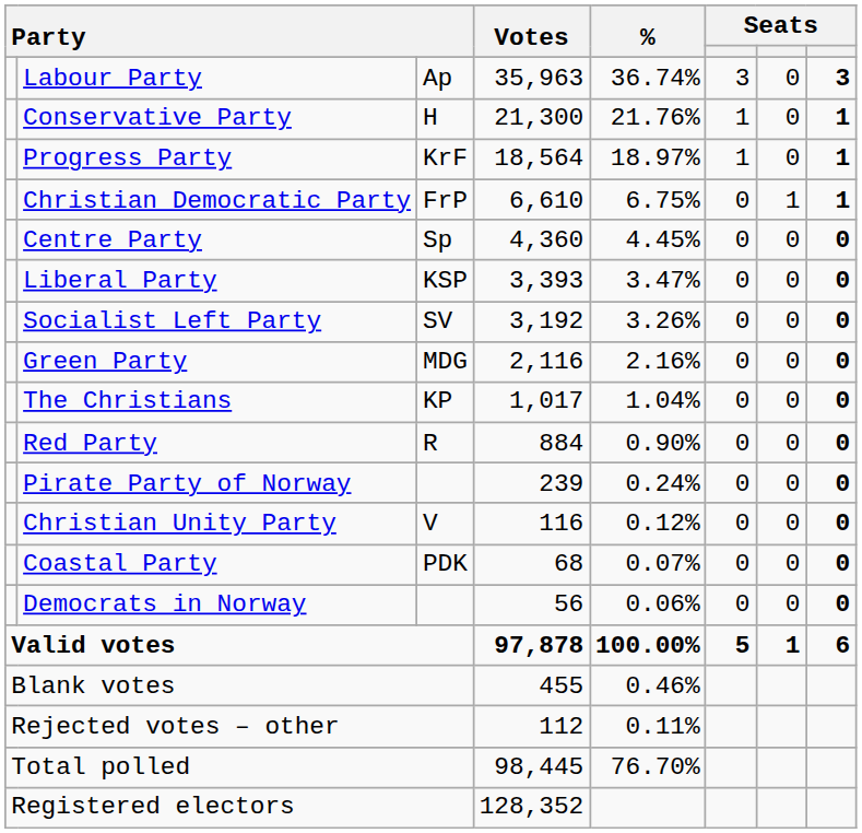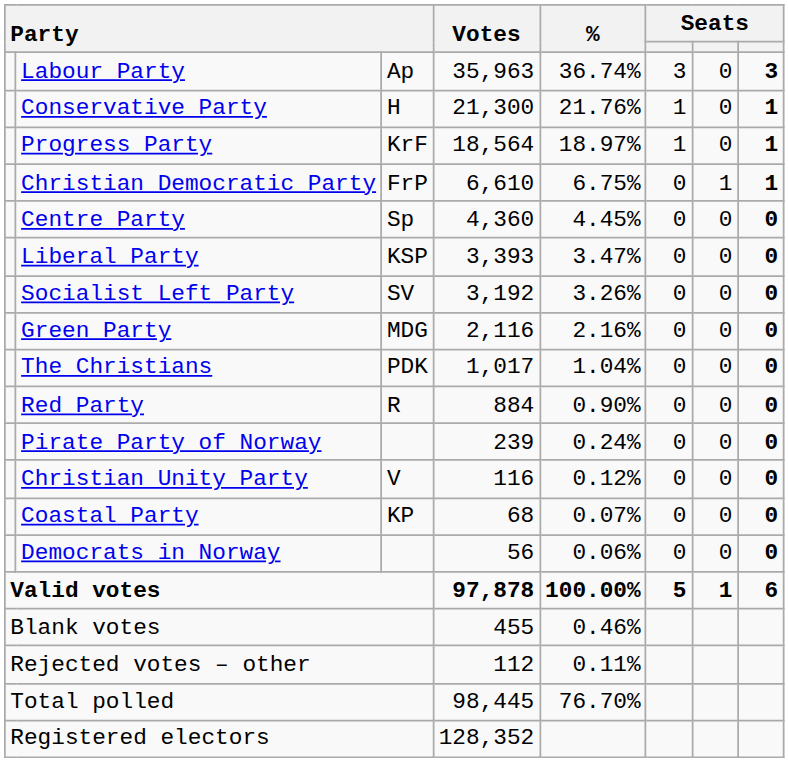 <table class="wikitable" border="1" style="text-align:right;">
 <tr>
 <th style="text-align:left;" valign=bottom rowspan=2 colspan=3>Party</th>
 <th align=center valign=bottom rowspan=2 width="50">Votes</th>
 <th align=center valign=bottom rowspan=2 width="50">%</th>
 <th colspan=3>Seats</th>
 </tr>
 <tr>
 <th align=center valign=bottom width="20"><small></small></th>
 <th align=center valign=bottom width="20"><small><a href='#'></a></small></th>
 <th align=center valign=bottom width="20"><small></small></th>
 </tr>
 <tr>
 <td style="color:inherit;background:"></td>
 <td align=left><a href='#'>Labour Party</a></td>
 <td align=left>Ap</td>
 <td>35,963</td>
 <td>36.74%</td>
 <td>3</td>
 <td>0</td>
 <td><strong>3</strong></td>
 </tr>
 <tr>
 <td style="color:inherit;background:"></td>
 <td align=left><a href='#'>Conservative Party</a></td>
 <td align=left>H</td>
 <td>21,300</td>
 <td>21.76%</td>
 <td>1</td>
 <td>0</td>
 <td><strong>1</strong></td>
 </tr>
 <tr>
 <td style="color:inherit;background:"></td>
 <td align=left><a href='#'>Progress Party</a></td>
 <td align=left>KrF</td>
 <td>18,564</td>
 <td>18.97%</td>
 <td>1</td>
 <td>0</td>
 <td><strong>1</strong></td>
 </tr>
 <tr>
 <td style="color:inherit;background:"></td>
 <td align=left><a href='#'>Christian Democratic Party</a></td>
 <td align=left>FrP</td>
 <td>6,610</td>
 <td>6.75%</td>
 <td>0</td>
 <td>1</td>
 <td><strong>1</strong></td>
 </tr>
 <tr>
 <td style="color:inherit;background:"></td>
 <td align=left><a href='#'>Centre Party</a></td>
 <td align=left>Sp</td>
 <td>4,360</td>
 <td>4.45%</td>
 <td>0</td>
 <td>0</td>
 <td><strong>0</strong></td>
 </tr>
 <tr>
 <td style="color:inherit;background:"></td>
 <td align=left><a href='#'>Liberal Party</a></td>
 <td align=left>KSP</td>
 <td>3,393</td>
 <td>3.47%</td>
 <td>0</td>
 <td>0</td>
 <td><strong>0</strong></td>
 </tr>
 <tr>
 <td style="color:inherit;background:"></td>
 <td align=left><a href='#'>Socialist Left Party</a></td>
 <td align=left>SV</td>
 <td>3,192</td>
 <td>3.26%</td>
 <td>0</td>
 <td>0</td>
 <td><strong>0</strong></td>
 </tr>
 <tr>
 <td style="color:inherit;background:"></td>
 <td align=left><a href='#'>Green Party</a></td>
 <td align=left>MDG</td>
 <td>2,116</td>
 <td>2.16%</td>
 <td>0</td>
 <td>0</td>
 <td><strong>0</strong></td>
 </tr>
 <tr>
 <td style="color:inherit;background:"></td>
 <td align=left><a href='#'>The Christians</a></td>
-<td align=left>KP</td>
+<td align=left>PDK</td>
 <td>1,017</td>
 <td>1.04%</td>
 <td>0</td>
 <td>0</td>
 <td><strong>0</strong></td>
 </tr>
 <tr>
 <td style="color:inherit;background:"></td>
 <td align=left><a href='#'>Red Party</a></td>
 <td align=left>R</td>
 <td>884</td>
 <td>0.90%</td>
 <td>0</td>
 <td>0</td>
 <td><strong>0</strong></td>
 </tr>
 <tr>
 <td style="color:inherit;background:"></td>
 <td align=left><a href='#'>Pirate Party of Norway</a></td>
 <td align=left></td>
 <td>239</td>
 <td>0.24%</td>
 <td>0</td>
 <td>0</td>
 <td><strong>0</strong></td>
 </tr>
 <tr>
 <td style="color:inherit;background:"></td>
 <td align=left><a href='#'>Christian Unity Party</a></td>
 <td align=left>V</td>
 <td>116</td>
 <td>0.12%</td>
 <td>0</td>
 <td>0</td>
 <td><strong>0</strong></td>
 </tr>
 <tr>
 <td style="color:inherit;background:"></td>
 <td align=left><a href='#'>Coastal Party</a></td>
-<td align=left>PDK</td>
+<td align=left>KP</td>
 <td>68</td>
 <td>0.07%</td>
 <td>0</td>
 <td>0</td>
 <td><strong>0</strong></td>
 </tr>
 <tr>
 <td style="color:inherit;background:"></td>
 <td align=left><a href='#'>Democrats in Norway</a></td>
 <td align=left></td>
 <td>56</td>
 <td>0.06%</td>
 <td>0</td>
 <td>0</td>
 <td><strong>0</strong></td>
 </tr>
 <tr style="font-weight:bold">
 <td align=left colspan=3>Valid votes</td>
 <td>97,878</td>
 <td>100.00%</td>
 <td>5</td>
 <td>1</td>
 <td>6</td>
 </tr>
 <tr>
 <td align=left colspan=3>Blank votes</td>
 <td>455</td>
 <td>0.46%</td>
 <td></td>
 <td></td>
 <td></td>
 </tr>
 <tr>
 <td align=left colspan=3>Rejected votes – other</td>
 <td>112</td>
 <td>0.11%</td>
 <td></td>
 <td></td>
 <td></td>
 </tr>
 <tr>
 <td align=left colspan=3>Total polled</td>
 <td>98,445</td>
 <td>76.70%</td>
 <td></td>
 <td></td>
 <td></td>
 </tr>
 <tr>
 <td align=left colspan=3>Registered electors</td>
 <td>128,352</td>
 <td></td>
 <td></td>
 <td></td>
 <td></td>
 </tr>
 </table>
